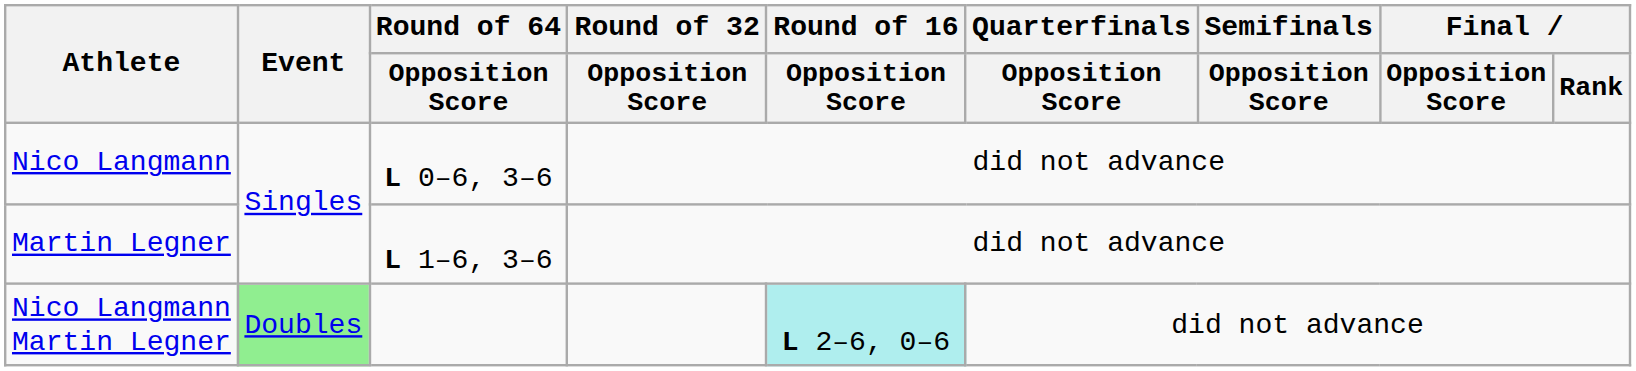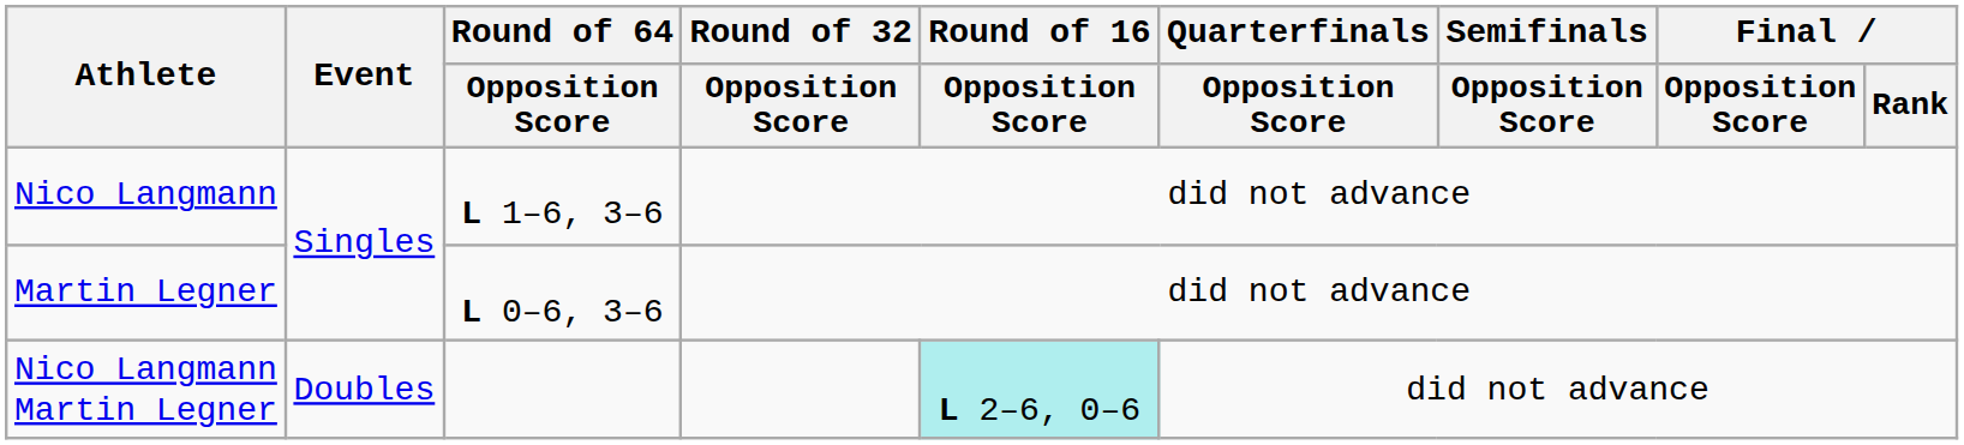 <table class=wikitable style="font-size:90%">
 <tr>
 <th rowspan="2">Athlete</th>
 <th rowspan="2">Event</th>
 <th>Round of 64</th>
 <th>Round of 32</th>
 <th>Round of 16</th>
 <th>Quarterfinals</th>
 <th>Semifinals</th>
 <th colspan=2>Final / </th>
 </tr>
 <tr style="font-size:95%">
 <th>Opposition<br>Score</th>
 <th>Opposition<br>Score</th>
 <th>Opposition<br>Score</th>
 <th>Opposition<br>Score</th>
 <th>Opposition<br>Score</th>
 <th>Opposition<br>Score</th>
 <th>Rank</th>
 </tr>
 <tr align=center>
 <td align=left><a href='#'>Nico Langmann</a></td>
 <td align=left rowspan=2><a href='#'>Singles</a></td>
+<td><br><strong>L</strong> 1–6, 3–6</td>
+<td colspan=6>did not advance</td>
+</tr>
+<tr align=center>
+<td align=left><a href='#'>Martin Legner</a></td>
 <td><br><strong>L</strong> 0–6, 3–6</td>
 <td colspan=6>did not advance</td>
 </tr>
 <tr align=center>
-<td align=left><a href='#'>Martin Legner</a></td>
-<td><br><strong>L</strong> 1–6, 3–6</td>
-<td colspan=6>did not advance</td>
-</tr>
-<tr align=center>
 <td align=left><a href='#'>Nico Langmann</a><br><a href='#'>Martin Legner</a></td>
-<td align=left style="background: lightgreen;"><a href='#'>Doubles</a></td>
+<td align=left><a href='#'>Doubles</a></td>
 <td></td>
 <td></td>
 <td style="background: paleturquoise;"><br><strong>L</strong> 2–6, 0–6</td>
 <td colspan=4>did not advance</td>
 </tr>
 </table>
